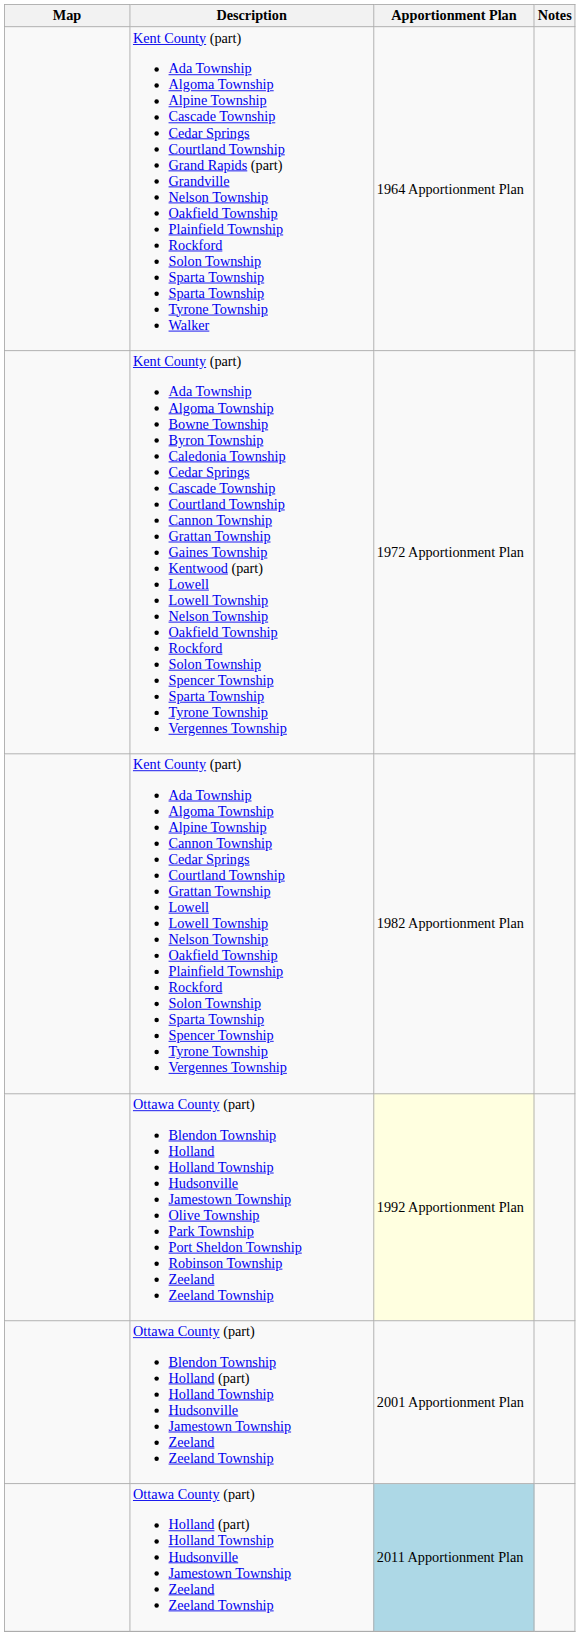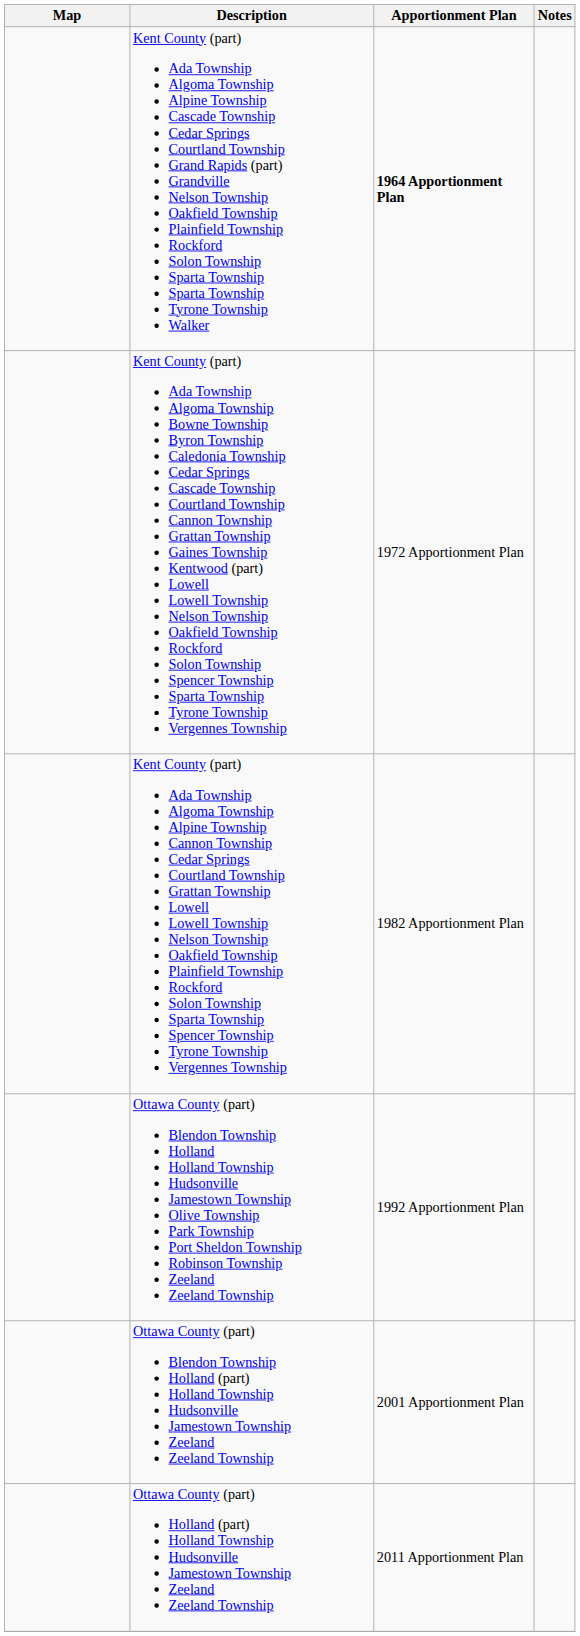 <table class="wikitable sortable">
 <tr>
 <th style="width:100pt;">Map</th>
 <th style="width:200pt;">Description</th>
 <th style="width:130pt;">Apportionment Plan</th>
 <th style="width:15pt;">Notes</th>
 </tr>
 <tr>
 <td></td>
 <td><a href='#'>Kent County</a> (part)<br><ul><li><a href='#'>Ada Township</a></li><li><a href='#'>Algoma Township</a></li><li><a href='#'>Alpine Township</a></li><li><a href='#'>Cascade Township</a></li><li><a href='#'>Cedar Springs</a></li><li><a href='#'>Courtland Township</a></li><li><a href='#'>Grand Rapids</a> (part)</li><li><a href='#'>Grandville</a></li><li><a href='#'>Nelson Township</a></li><li><a href='#'>Oakfield Township</a></li><li><a href='#'>Plainfield Township</a></li><li><a href='#'>Rockford</a></li><li><a href='#'>Solon Township</a></li><li><a href='#'>Sparta Township</a></li><li><a href='#'>Sparta Township</a></li><li><a href='#'>Tyrone Township</a></li><li><a href='#'>Walker</a></li></ul></td>
-<td>1964 Apportionment Plan</td>
+<td><strong>1964 Apportionment Plan</strong></td>
 <td></td>
 </tr>
 <tr>
 <td></td>
 <td><a href='#'>Kent County</a> (part)<br><ul><li><a href='#'>Ada Township</a></li><li><a href='#'>Algoma Township</a></li><li><a href='#'>Bowne Township</a></li><li><a href='#'>Byron Township</a></li><li><a href='#'>Caledonia Township</a></li><li><a href='#'>Cedar Springs</a></li><li><a href='#'>Cascade Township</a></li><li><a href='#'>Courtland Township</a></li><li><a href='#'>Cannon Township</a></li><li><a href='#'>Grattan Township</a></li><li><a href='#'>Gaines Township</a></li><li><a href='#'>Kentwood</a> (part)</li><li><a href='#'>Lowell</a></li><li><a href='#'>Lowell Township</a></li><li><a href='#'>Nelson Township</a></li><li><a href='#'>Oakfield Township</a></li><li><a href='#'>Rockford</a></li><li><a href='#'>Solon Township</a></li><li><a href='#'>Spencer Township</a></li><li><a href='#'>Sparta Township</a></li><li><a href='#'>Tyrone Township</a></li><li><a href='#'>Vergennes Township</a></li></ul></td>
 <td>1972 Apportionment Plan</td>
 <td></td>
 </tr>
 <tr>
 <td></td>
 <td><a href='#'>Kent County</a> (part)<br><ul><li><a href='#'>Ada Township</a></li><li><a href='#'>Algoma Township</a></li><li><a href='#'>Alpine Township</a></li><li><a href='#'>Cannon Township</a></li><li><a href='#'>Cedar Springs</a></li><li><a href='#'>Courtland Township</a></li><li><a href='#'>Grattan Township</a></li><li><a href='#'>Lowell</a></li><li><a href='#'>Lowell Township</a></li><li><a href='#'>Nelson Township</a></li><li><a href='#'>Oakfield Township</a></li><li><a href='#'>Plainfield Township</a></li><li><a href='#'>Rockford</a></li><li><a href='#'>Solon Township</a></li><li><a href='#'>Sparta Township</a></li><li><a href='#'>Spencer Township</a></li><li><a href='#'>Tyrone Township</a></li><li><a href='#'>Vergennes Township</a></li></ul></td>
 <td>1982 Apportionment Plan</td>
 <td></td>
 </tr>
 <tr>
 <td></td>
 <td><a href='#'>Ottawa County</a> (part)<br><ul><li><a href='#'>Blendon Township</a></li><li><a href='#'>Holland</a></li><li><a href='#'>Holland Township</a></li><li><a href='#'>Hudsonville</a></li><li><a href='#'>Jamestown Township</a></li><li><a href='#'>Olive Township</a></li><li><a href='#'>Park Township</a></li><li><a href='#'>Port Sheldon Township</a></li><li><a href='#'>Robinson Township</a></li><li><a href='#'>Zeeland</a></li><li><a href='#'>Zeeland Township</a></li></ul></td>
-<td style="background: lightyellow;">1992 Apportionment Plan</td>
+<td>1992 Apportionment Plan</td>
 <td></td>
 </tr>
 <tr>
 <td></td>
 <td><a href='#'>Ottawa County</a> (part)<br><ul><li><a href='#'>Blendon Township</a></li><li><a href='#'>Holland</a> (part)</li><li><a href='#'>Holland Township</a></li><li><a href='#'>Hudsonville</a></li><li><a href='#'>Jamestown Township</a></li><li><a href='#'>Zeeland</a></li><li><a href='#'>Zeeland Township</a></li></ul></td>
 <td>2001 Apportionment Plan</td>
 <td></td>
 </tr>
 <tr>
 <td></td>
 <td><a href='#'>Ottawa County</a> (part)<br><ul><li><a href='#'>Holland</a> (part)</li><li><a href='#'>Holland Township</a></li><li><a href='#'>Hudsonville</a></li><li><a href='#'>Jamestown Township</a></li><li><a href='#'>Zeeland</a></li><li><a href='#'>Zeeland Township</a></li></ul></td>
-<td style="background: lightblue;">2011 Apportionment Plan</td>
+<td>2011 Apportionment Plan</td>
 <td></td>
 </tr>
 <tr>
 </tr>
 </table>
